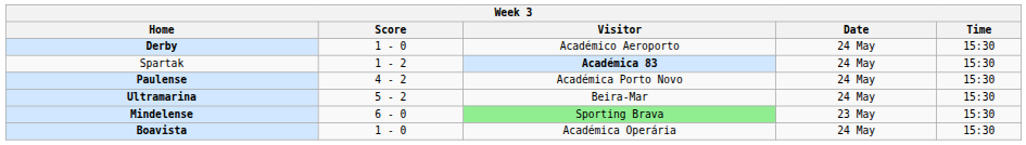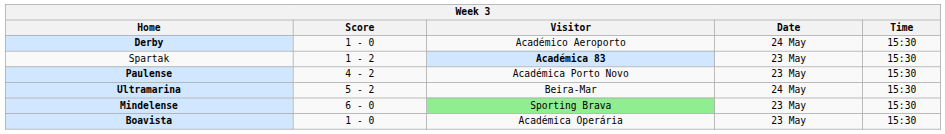 <table class="wikitable" style="margin:1em auto; font-size:95%; text-align: center; width: 95%;">
 <tr>
 <th colspan="12" style="with: 100%;">Week 3</th>
 </tr>
 <tr>
 <th width="200">Home</th>
 <th width="90">Score</th>
 <th width="200">Visitor</th>
 <th width="100">Date</th>
 <th width="50">Time</th>
 </tr>
 <tr>
 <td bgcolor=#D0E7FF><strong>Derby</strong></td>
 <td>1 - 0</td>
 <td>Académico Aeroporto</td>
 <td>24 May</td>
 <td>15:30</td>
 </tr>
 <tr>
 <td>Spartak</td>
 <td>1 - 2</td>
 <td bgcolor=#D0E7FF><strong>Académica 83</strong></td>
-<td>24 May</td>
+<td>23 May</td>
 <td>15:30</td>
 </tr>
 <tr>
 <td bgcolor=#D0E7FF><strong>Paulense</strong></td>
 <td>4 - 2</td>
 <td>Académica Porto Novo</td>
-<td>24 May</td>
+<td>23 May</td>
 <td>15:30</td>
 </tr>
 <tr>
 <td bgcolor=#D0E7FF><strong>Ultramarina</strong></td>
 <td>5 - 2</td>
 <td>Beira-Mar</td>
 <td>24 May</td>
 <td>15:30</td>
 </tr>
 <tr>
 <td bgcolor=#D0E7FF><strong>Mindelense</strong></td>
 <td>6 - 0</td>
 <td style="background: lightgreen;">Sporting Brava</td>
 <td>23 May</td>
 <td>15:30</td>
 </tr>
 <tr>
 <td bgcolor=#D0E7FF><strong>Boavista</strong></td>
 <td>1 - 0</td>
 <td>Académica Operária</td>
-<td>24 May</td>
+<td>23 May</td>
 <td>15:30</td>
 </tr>
 </table>
